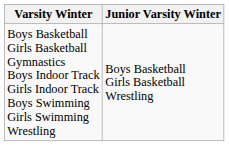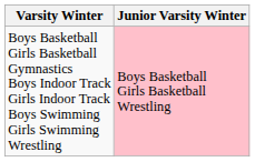 <table class="wikitable">
 <tr>
 <th>Varsity Winter</th>
 <th>Junior Varsity Winter</th>
 </tr>
 <tr>
 <td>Boys Basketball<br>Girls Basketball<br>Gymnastics<br>Boys Indoor Track<br>Girls Indoor Track<br>Boys Swimming<br>Girls Swimming<br>Wrestling<br></td>
-<td>Boys Basketball<br>Girls Basketball<br>Wrestling</td>
+<td style="background: pink;">Boys Basketball<br>Girls Basketball<br>Wrestling</td>
 </tr>
 </table>
